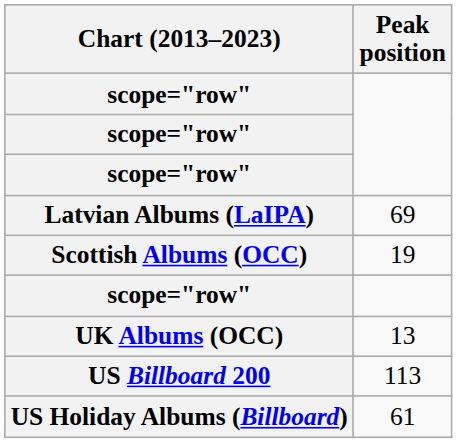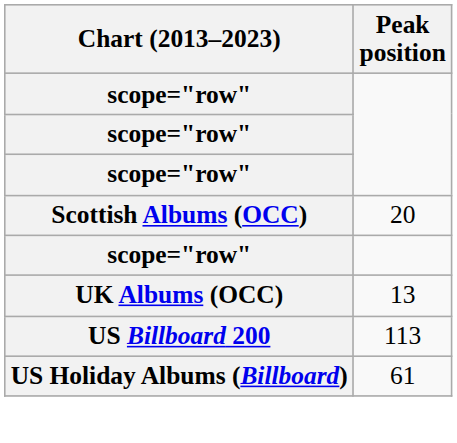 <table class="wikitable sortable plainrowheaders" style="text-align:center">
 <tr>
 <th scope="col">Chart (2013–2023)</th>
 <th scope="col">Peak<br>position</th>
 </tr>
 <tr>
 <th>scope="row" </th>
 </tr>
 <tr>
 <th>scope="row" </th>
 </tr>
 <tr>
 <th>scope="row" </th>
 </tr>
 <tr>
-<th scope="row">Latvian Albums (<a href='#'>LaIPA</a>)</th>
-<td align="center">69</td>
-</tr>
-<tr>
 <th scope="row">Scottish <a href='#'>Albums</a> (<a href='#'>OCC</a>)</th>
-<td style="text-align:center;">19</td>
+<td style="text-align:center;">20</td>
 </tr>
 <tr>
 <th>scope="row" </th>
 </tr>
 <tr>
 <th scope="row">UK <a href='#'>Albums</a> (OCC)</th>
 <td style="text-align:center;">13</td>
 </tr>
 <tr>
 <th scope="row">US <a href='#'><em>Billboard</em> 200</a></th>
 <td style="text-align:center;">113</td>
 </tr>
 <tr>
 <th scope="row">US Holiday Albums (<em><a href='#'>Billboard</a></em>)</th>
 <td style="text-align:center;">61</td>
 </tr>
 </table>
